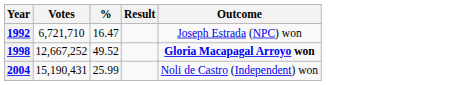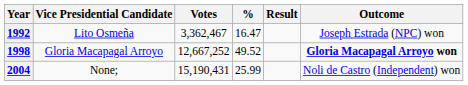 <table class="wikitable" style="text-align:center; font-size:90%">
 <tr>
 <th>Year</th>
+<th>Vice Presidential Candidate</th>
 <th>Votes</th>
 <th>%</th>
 <th>Result</th>
 <th>Outcome</th>
 </tr>
 <tr>
 <th><a href='#'>1992</a></th>
-<td>6,721,710</td>
+<td><a href='#'>Lito Osmeña</a></td>
+<td>3,362,467</td>
 <td>16.47</td>
 <td></td>
 <td><a href='#'>Joseph Estrada</a> (<a href='#'>NPC</a>) won</td>
 </tr>
 <tr>
 <th><a href='#'>1998</a></th>
+<td><a href='#'>Gloria Macapagal Arroyo</a></td>
 <td>12,667,252</td>
 <td>49.52</td>
 <td></td>
 <td style="background:"><strong><a href='#'>Gloria Macapagal Arroyo</a></strong> <strong>won</strong></td>
 </tr>
 <tr>
 <th><a href='#'>2004</a></th>
+<td>None;</td>
 <td>15,190,431</td>
 <td>25.99</td>
 <td></td>
 <td><a href='#'>Noli de Castro</a> (<a href='#'>Independent</a>) won</td>
 </tr>
 </table>
